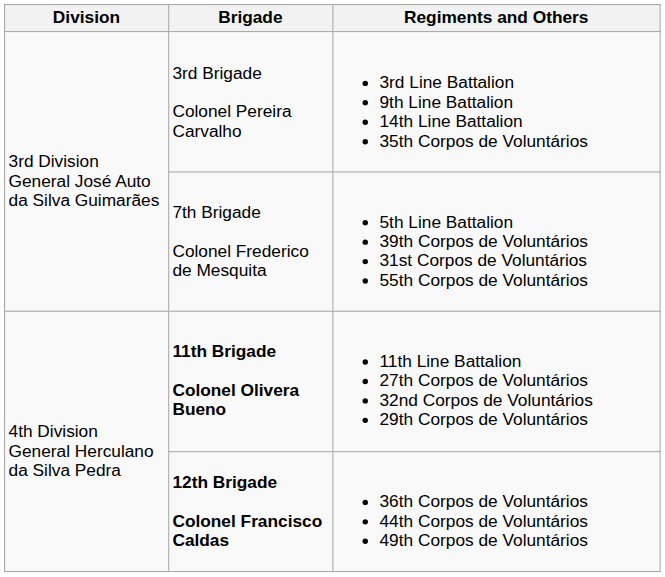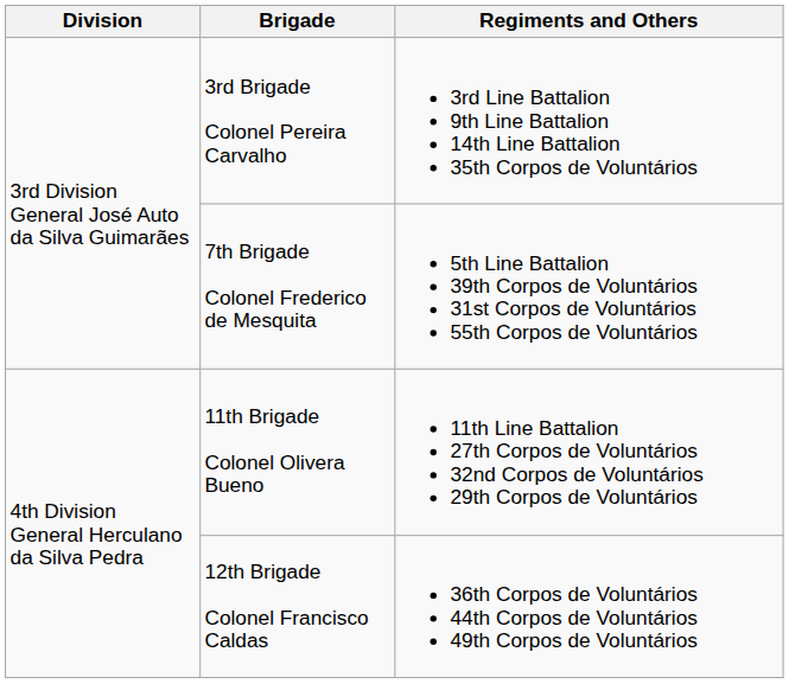 <table class="wikitable">
 <tr>
 <th style="width:25%;">Division</th>
 <th style="width:25%;">Brigade</th>
 <th>Regiments and Others</th>
 </tr>
 <tr>
 <td rowspan=2><br>3rd Division <br> General José Auto da Silva Guimarães</td>
 <td>3rd Brigade<br><br> Colonel Pereira Carvalho</td>
 <td><br><ul><li>3rd Line Battalion</li><li>9th Line Battalion</li><li>14th Line Battalion</li><li>35th Corpos de Voluntários</li></ul></td>
 </tr>
 <tr>
 <td>7th Brigade<br><br> Colonel Frederico de Mesquita</td>
 <td><br><ul><li>5th Line Battalion</li><li>39th Corpos de Voluntários</li><li>31st Corpos de Voluntários</li><li>55th Corpos de Voluntários</li></ul></td>
 </tr>
 <tr>
 <td rowspan=2><br>4th Division <br> General Herculano da Silva Pedra</td>
-<td><strong>11th Brigade<br><br> Colonel Olivera Bueno</strong></td>
+<td>11th Brigade<br><br> Colonel Olivera Bueno</td>
 <td><br><ul><li>11th Line Battalion</li><li>27th Corpos de Voluntários</li><li>32nd Corpos de Voluntários</li><li>29th Corpos de Voluntários</li></ul></td>
 </tr>
 <tr>
-<td><strong>12th Brigade<br><br> Colonel Francisco Caldas</strong></td>
+<td>12th Brigade<br><br> Colonel Francisco Caldas</td>
 <td><br><ul><li>36th Corpos de Voluntários</li><li>44th Corpos de Voluntários</li><li>49th Corpos de Voluntários</li></ul></td>
 </tr>
 </table>
